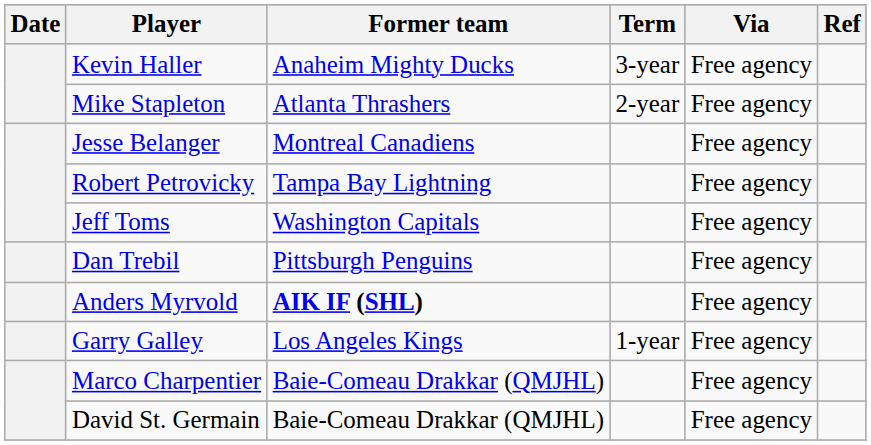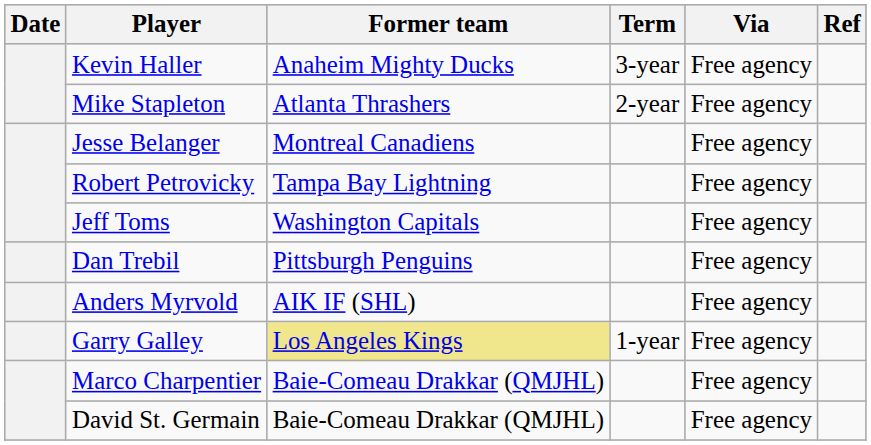 <table class="wikitable plainrowheaders">
 <tr style="background:#ddd; text-align:center;">
 <th>Date</th>
 <th>Player</th>
 <th>Former team</th>
 <th>Term</th>
 <th>Via</th>
 <th>Ref</th>
 </tr>
 <tr>
 <th scope="row" rowspan=2></th>
 <td><a href='#'>Kevin Haller</a></td>
 <td><a href='#'>Anaheim Mighty Ducks</a></td>
 <td>3-year</td>
 <td>Free agency</td>
 <td></td>
 </tr>
 <tr>
 <td><a href='#'>Mike Stapleton</a></td>
 <td><a href='#'>Atlanta Thrashers</a></td>
 <td>2-year</td>
 <td>Free agency</td>
 <td></td>
 </tr>
 <tr>
 <th scope="row" rowspan=3></th>
 <td><a href='#'>Jesse Belanger</a></td>
 <td><a href='#'>Montreal Canadiens</a></td>
 <td></td>
 <td>Free agency</td>
 <td></td>
 </tr>
 <tr>
 <td><a href='#'>Robert Petrovicky</a></td>
 <td><a href='#'>Tampa Bay Lightning</a></td>
 <td></td>
 <td>Free agency</td>
 <td></td>
 </tr>
 <tr>
 <td><a href='#'>Jeff Toms</a></td>
 <td><a href='#'>Washington Capitals</a></td>
 <td></td>
 <td>Free agency</td>
 <td></td>
 </tr>
 <tr>
 <th scope="row"></th>
 <td><a href='#'>Dan Trebil</a></td>
 <td><a href='#'>Pittsburgh Penguins</a></td>
 <td></td>
 <td>Free agency</td>
 <td></td>
 </tr>
 <tr>
 <th scope="row"></th>
 <td><a href='#'>Anders Myrvold</a></td>
-<td><strong><a href='#'>AIK IF</a> (<a href='#'>SHL</a>)</strong></td>
+<td><a href='#'>AIK IF</a> (<a href='#'>SHL</a>)</td>
 <td></td>
 <td>Free agency</td>
 <td></td>
 </tr>
 <tr>
 <th scope="row"></th>
 <td><a href='#'>Garry Galley</a></td>
-<td><a href='#'>Los Angeles Kings</a></td>
+<td style="background: khaki;"><a href='#'>Los Angeles Kings</a></td>
 <td>1-year</td>
 <td>Free agency</td>
 <td></td>
 </tr>
 <tr>
 <th scope="row" rowspan=2></th>
 <td><a href='#'>Marco Charpentier</a></td>
 <td><a href='#'>Baie-Comeau Drakkar</a> (<a href='#'>QMJHL</a>)</td>
 <td></td>
 <td>Free agency</td>
 <td></td>
 </tr>
 <tr>
 <td>David St. Germain</td>
 <td>Baie-Comeau Drakkar (QMJHL)</td>
 <td></td>
 <td>Free agency</td>
 <td></td>
 </tr>
 </table>
